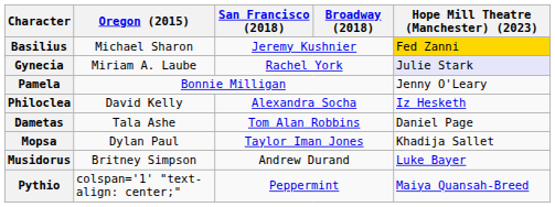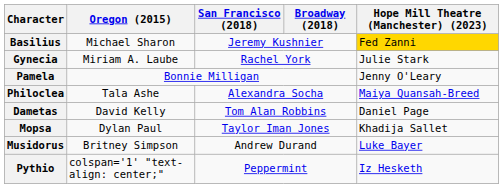 <table class="wikitable" style="width:1000;">
 <tr>
 <th>Character</th>
 <th><a href='#'>Oregon</a> (2015)</th>
 <th><a href='#'>San Francisco</a> (2018)</th>
 <th><a href='#'>Broadway</a> (2018)</th>
 <th>Hope Mill Theatre (Manchester) (2023)</th>
 </tr>
 <tr>
 <th>Basilius</th>
 <td colspan="1" align="center">Michael Sharon</td>
 <td colspan="2" align="center"><a href='#'>Jeremy Kushnier</a></td>
 <td style="background: gold;">Fed Zanni</td>
 </tr>
 <tr>
 <th>Gynecia</th>
 <td colspan="1" align="center">Miriam A. Laube</td>
 <td colspan="2" align="center"><a href='#'>Rachel York</a></td>
-<td style="background: lavender;">Julie Stark</td>
+<td>Julie Stark</td>
 </tr>
 <tr>
 <th>Pamela</th>
 <td colspan="3" align="center"><a href='#'>Bonnie Milligan</a></td>
 <td>Jenny O'Leary</td>
 </tr>
 <tr>
 <th>Philoclea</th>
-<td colspan="1" align="center">David Kelly</td>
+<td colspan="1" align="center">Tala Ashe</td>
 <td colspan="2" align="center"><a href='#'>Alexandra Socha</a></td>
-<td><a href='#'>Iz Hesketh</a></td>
+<td><a href='#'>Maiya Quansah-Breed</a></td>
 </tr>
 <tr>
 <th>Dametas</th>
-<td colspan="1" align="center">Tala Ashe</td>
+<td colspan="1" align="center">David Kelly</td>
 <td colspan="2" align="center"><a href='#'>Tom Alan Robbins</a></td>
 <td>Daniel Page</td>
 </tr>
 <tr>
 <th>Mopsa</th>
 <td colspan="1" align="center">Dylan Paul</td>
 <td colspan="2" align="center"><a href='#'>Taylor Iman Jones</a></td>
 <td>Khadija Sallet</td>
 </tr>
 <tr>
 <th>Musidorus</th>
 <td colspan="1" align="center">Britney Simpson</td>
 <td colspan="2" align="center">Andrew Durand</td>
 <td><a href='#'>Luke Bayer</a></td>
 </tr>
 <tr>
 <th>Pythio</th>
 <td>colspan='1' "text-align: center;" </td>
 <td colspan="2" align="center"><a href='#'>Peppermint</a></td>
-<td><a href='#'>Maiya Quansah-Breed</a></td>
+<td><a href='#'>Iz Hesketh</a></td>
 </tr>
 </table>
